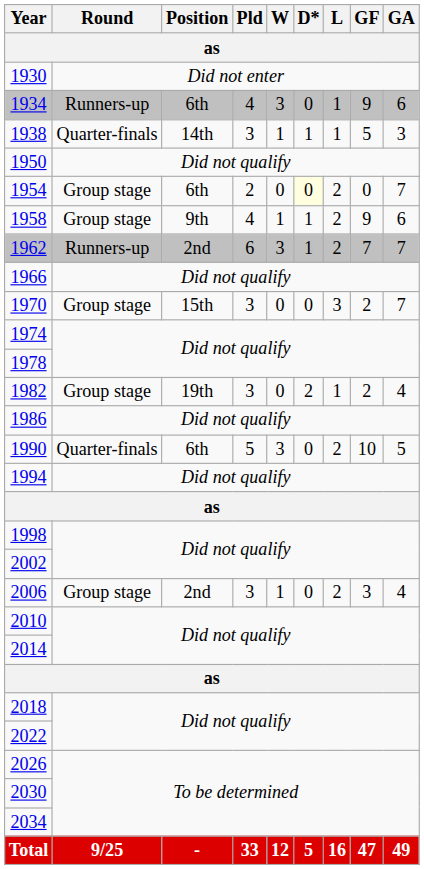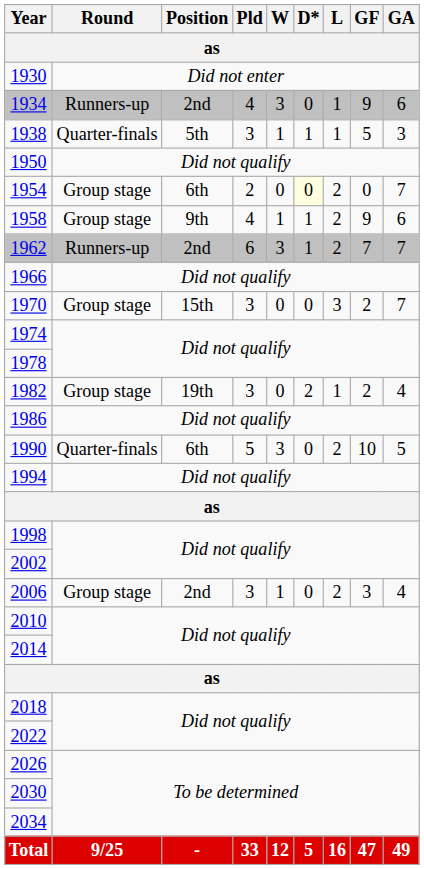 <table class="wikitable sortable" style="text-align: center;">
 <tr>
 <th>Year</th>
 <th>Round</th>
 <th>Position</th>
 <th>Pld</th>
 <th>W</th>
 <th>D*</th>
 <th>L</th>
 <th>GF</th>
 <th>GA</th>
 </tr>
 <tr>
 <th colspan="9">as <strong></strong></th>
 </tr>
 <tr>
 <td> <a href='#'>1930</a></td>
 <td colspan=8><em>Did not enter</em></td>
 </tr>
 <tr bgcolor=silver>
 <td> <a href='#'>1934</a></td>
 <td>Runners-up</td>
-<td>6th</td>
+<td>2nd</td>
 <td>4</td>
 <td>3</td>
 <td>0</td>
 <td>1</td>
 <td>9</td>
 <td>6</td>
 </tr>
 <tr>
 <td> <a href='#'>1938</a></td>
 <td>Quarter-finals</td>
-<td>14th</td>
+<td>5th</td>
 <td>3</td>
 <td>1</td>
 <td>1</td>
 <td>1</td>
 <td>5</td>
 <td>3</td>
 </tr>
 <tr>
 <td> <a href='#'>1950</a></td>
 <td colspan=8><em>Did not qualify</em></td>
 </tr>
 <tr>
 <td> <a href='#'>1954</a></td>
 <td>Group stage</td>
 <td>6th</td>
 <td>2</td>
 <td>0</td>
 <td style="background: lightyellow;">0</td>
 <td>2</td>
 <td>0</td>
 <td>7</td>
 </tr>
 <tr>
 <td> <a href='#'>1958</a></td>
 <td>Group stage</td>
 <td>9th</td>
 <td>4</td>
 <td>1</td>
 <td>1</td>
 <td>2</td>
 <td>9</td>
 <td>6</td>
 </tr>
 <tr bgcolor=silver>
 <td> <a href='#'>1962</a></td>
 <td>Runners-up</td>
 <td>2nd</td>
 <td>6</td>
 <td>3</td>
 <td>1</td>
 <td>2</td>
 <td>7</td>
 <td>7</td>
 </tr>
 <tr>
 <td> <a href='#'>1966</a></td>
 <td colspan=8><em>Did not qualify</em></td>
 </tr>
 <tr>
 <td> <a href='#'>1970</a></td>
 <td>Group stage</td>
 <td>15th</td>
 <td>3</td>
 <td>0</td>
 <td>0</td>
 <td>3</td>
 <td>2</td>
 <td>7</td>
 </tr>
 <tr>
 <td> <a href='#'>1974</a></td>
 <td rowspan=2 colspan=8><em>Did not qualify</em></td>
 </tr>
 <tr>
 <td> <a href='#'>1978</a></td>
 </tr>
 <tr>
 <td> <a href='#'>1982</a></td>
 <td>Group stage</td>
 <td>19th</td>
 <td>3</td>
 <td>0</td>
 <td>2</td>
 <td>1</td>
 <td>2</td>
 <td>4</td>
 </tr>
 <tr>
 <td> <a href='#'>1986</a></td>
 <td colspan=8><em>Did not qualify</em></td>
 </tr>
 <tr>
 <td> <a href='#'>1990</a></td>
 <td>Quarter-finals</td>
 <td>6th</td>
 <td>5</td>
 <td>3</td>
 <td>0</td>
 <td>2</td>
 <td>10</td>
 <td>5</td>
 </tr>
 <tr>
 <td> <a href='#'>1994</a></td>
 <td colspan=8><em>Did not qualify</em></td>
 </tr>
 <tr>
 <th colspan="9">as <strong></strong></th>
 </tr>
 <tr>
 <td> <a href='#'>1998</a></td>
 <td rowspan=2 colspan=8><em>Did not qualify</em></td>
 </tr>
 <tr>
 <td>  <a href='#'>2002</a></td>
 </tr>
 <tr>
 <td> <a href='#'>2006</a></td>
 <td>Group stage</td>
 <td>2nd</td>
 <td>3</td>
 <td>1</td>
 <td>0</td>
 <td>2</td>
 <td>3</td>
 <td>4</td>
 </tr>
 <tr>
 <td> <a href='#'>2010</a></td>
 <td colspan="8" rowspan="2"><em>Did not qualify</em></td>
 </tr>
 <tr>
 <td> <a href='#'>2014</a></td>
 </tr>
 <tr>
 <th colspan="9"><strong>as </strong></th>
 </tr>
 <tr>
 <td> <a href='#'>2018</a></td>
 <td colspan="8" rowspan="2"><em>Did not qualify</em></td>
 </tr>
 <tr>
 <td> <a href='#'>2022</a></td>
 </tr>
 <tr>
 <td>   <a href='#'>2026</a></td>
 <td colspan=8 rowspan=3><em>To be determined</em></td>
 </tr>
 <tr>
 <td>   <a href='#'>2030</a></td>
 </tr>
 <tr>
 <td> <a href='#'>2034</a></td>
 </tr>
 <tr>
 <th style="background:#DD0000; color:white; "><strong>Total</strong></th>
 <th style="background:#DD0000; color:white; ">9/25</th>
 <th style="background:#DD0000; color:white; ">-</th>
 <th style="background:#DD0000; color:white; ">33</th>
 <th style="background:#DD0000; color:white; ">12</th>
 <th style="background:#DD0000; color:white; ">5</th>
 <th style="background:#DD0000; color:white; ">16</th>
 <th style="background:#DD0000; color:white; ">47</th>
 <th style="background:#DD0000; color:white; ">49</th>
 </tr>
 </table>
